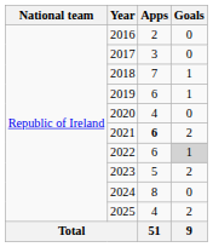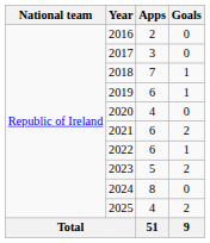 <table class="sortable wikitable" style="text-align:center">
 <tr>
 <th scope="col">National team</th>
 <th scope="col">Year</th>
 <th !scope="col">Apps</th>
 <th !scope="col">Goals</th>
 </tr>
 <tr>
 <td rowspan="10"><a href='#'>Republic of Ireland</a></td>
 <td scope="row">2016</td>
 <td>2</td>
 <td>0</td>
 </tr>
 <tr>
 <td scope="row">2017</td>
 <td>3</td>
 <td>0</td>
 </tr>
 <tr>
 <td scope="row">2018</td>
 <td>7</td>
 <td>1</td>
 </tr>
 <tr>
 <td scope="row">2019</td>
 <td>6</td>
 <td>1</td>
 </tr>
 <tr>
 <td scope="row">2020</td>
 <td>4</td>
 <td>0</td>
 </tr>
 <tr>
 <td scope="row">2021</td>
-<td><strong>6</strong></td>
+<td>6</td>
 <td>2</td>
 </tr>
 <tr>
 <td scope="row">2022</td>
 <td>6</td>
-<td style="background: lightgrey;">1</td>
+<td>1</td>
 </tr>
 <tr>
 <td scope="row">2023</td>
 <td>5</td>
 <td>2</td>
 </tr>
 <tr>
 <td>2024</td>
 <td>8</td>
 <td>0</td>
 </tr>
 <tr>
 <td>2025</td>
 <td>4</td>
 <td>2</td>
 </tr>
 <tr>
 <th colspan="2">Total</th>
 <th>51</th>
 <th>9</th>
 </tr>
 </table>
